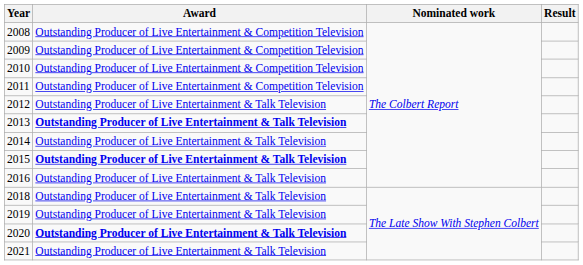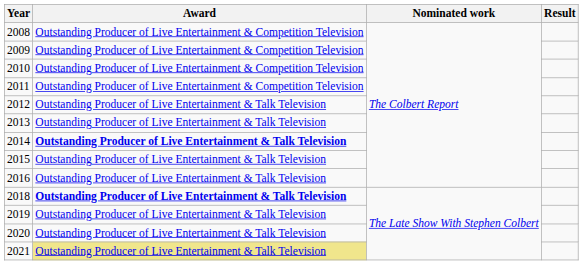 <table class="wikitable">
 <tr>
 <th>Year</th>
 <th>Award</th>
 <th>Nominated work</th>
 <th>Result</th>
 </tr>
 <tr>
 <td>2008</td>
 <td><a href='#'>Outstanding Producer of Live Entertainment & Competition Television</a></td>
 <td rowspan=9><em><a href='#'>The Colbert Report</a></em></td>
 <td></td>
 </tr>
 <tr>
 <td>2009</td>
 <td><a href='#'>Outstanding Producer of Live Entertainment & Competition Television</a></td>
 <td></td>
 </tr>
 <tr>
 <td>2010</td>
 <td><a href='#'>Outstanding Producer of Live Entertainment & Competition Television</a></td>
 <td></td>
 </tr>
 <tr>
 <td>2011</td>
 <td><a href='#'>Outstanding Producer of Live Entertainment & Competition Television</a></td>
 <td></td>
 </tr>
 <tr>
 <td>2012</td>
 <td><a href='#'>Outstanding Producer of Live Entertainment & Talk Television</a></td>
 <td></td>
 </tr>
 <tr>
 <td>2013</td>
+<td><a href='#'>Outstanding Producer of Live Entertainment & Talk Television</a></td>
+<td></td>
+</tr>
+<tr>
+<td>2014</td>
 <td><strong><a href='#'>Outstanding Producer of Live Entertainment & Talk Television</a></strong></td>
 <td></td>
 </tr>
 <tr>
-<td>2014</td>
+<td>2015</td>
 <td><a href='#'>Outstanding Producer of Live Entertainment & Talk Television</a></td>
-<td></td>
-</tr>
-<tr>
-<td>2015</td>
-<td><strong><a href='#'>Outstanding Producer of Live Entertainment & Talk Television</a></strong></td>
 <td></td>
 </tr>
 <tr>
 <td>2016</td>
 <td><a href='#'>Outstanding Producer of Live Entertainment & Talk Television</a></td>
 <td></td>
 </tr>
 <tr>
 <td>2018</td>
-<td><a href='#'>Outstanding Producer of Live Entertainment & Talk Television</a></td>
+<td><strong><a href='#'>Outstanding Producer of Live Entertainment & Talk Television</a></strong></td>
 <td rowspan=4><em><a href='#'>The Late Show With Stephen Colbert</a></em></td>
 <td></td>
 </tr>
 <tr>
 <td>2019</td>
 <td><a href='#'>Outstanding Producer of Live Entertainment & Talk Television</a></td>
 <td></td>
 </tr>
 <tr>
 <td>2020</td>
-<td><strong><a href='#'>Outstanding Producer of Live Entertainment & Talk Television</a></strong></td>
+<td><a href='#'>Outstanding Producer of Live Entertainment & Talk Television</a></td>
 <td></td>
 </tr>
 <tr>
 <td>2021</td>
-<td><a href='#'>Outstanding Producer of Live Entertainment & Talk Television</a></td>
+<td style="background: khaki;"><a href='#'>Outstanding Producer of Live Entertainment & Talk Television</a></td>
 <td></td>
 </tr>
 </table>
